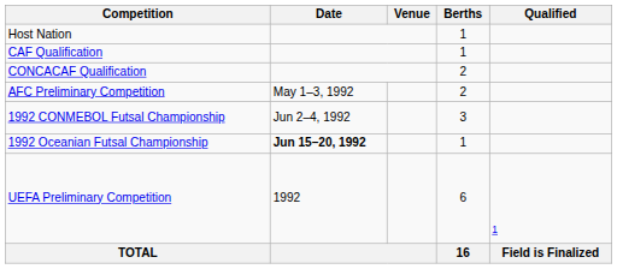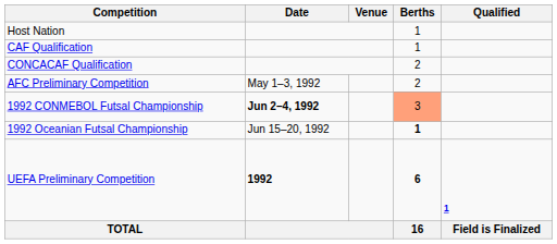 <table class="wikitable" width="800">
 <tr>
 <th>Competition</th>
 <th>Date</th>
 <th>Venue</th>
 <th>Berths</th>
 <th>Qualified</th>
 </tr>
 <tr>
 <td>Host Nation</td>
 <td colspan="2"> </td>
 <td align="center">1</td>
 <td></td>
 </tr>
 <tr>
 <td><a href='#'>CAF Qualification</a></td>
 <td colspan="2"> </td>
 <td align="center">1</td>
 <td></td>
 </tr>
 <tr>
 <td><a href='#'>CONCACAF Qualification</a></td>
 <td colspan="2"> </td>
 <td align="center">2</td>
 <td><br> </td>
 </tr>
 <tr>
 <td><a href='#'>AFC Preliminary Competition</a></td>
 <td>May 1–3, 1992</td>
 <td></td>
 <td align="center">2</td>
 <td><br> </td>
 </tr>
 <tr>
 <td><a href='#'>1992 CONMEBOL Futsal Championship</a></td>
-<td>Jun 2–4, 1992</td>
+<td><strong>Jun 2–4, 1992</strong></td>
 <td></td>
-<td align="center">3</td>
+<td align="center" style="background: lightsalmon;">3</td>
 <td><br><br></td>
 </tr>
 <tr>
 <td><a href='#'>1992 Oceanian Futsal Championship</a></td>
-<td><strong>Jun 15–20, 1992</strong></td>
+<td>Jun 15–20, 1992</td>
 <td></td>
-<td align="center">1</td>
+<td align="center"><strong>1</strong></td>
 <td></td>
 </tr>
 <tr>
 <td><a href='#'>UEFA Preliminary Competition</a></td>
-<td>1992</td>
+<td><strong>1992</strong></td>
 <td><br></td>
-<td align="center">6</td>
-<td> <br> <br>  <br> <br> <br><s></s> <sup><a href='#'>1</a></sup> <br></td>
+<td align="center"><strong>6</strong></td>
+<td><strong> <br> <br>  <br> <br> <br><s></s> <sup><a href='#'>1</a></sup> <br></strong></td>
 </tr>
 <tr>
 <th>TOTAL</th>
 <th colspan="2"></th>
 <th>16</th>
 <th>Field is Finalized</th>
 </tr>
 </table>
